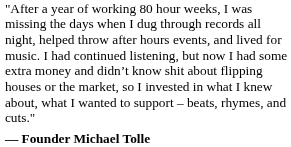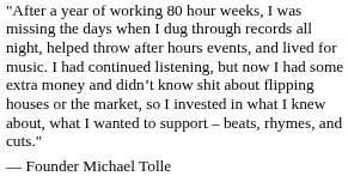 <table class="toccolours" style="float: left; margin-left: 0em; margin-right: 2em; font-size: 85%; background:offwhite; color:black; width:22em; max-width: 40%;" cellspacing="3">
 <tr>
 <td style="text-align: left;">"After a year of working 80 hour weeks, I was missing the days when I dug through records all night, helped throw after hours events, and lived for music.  I had continued listening, but now I had some extra money and didn’t know shit about flipping houses or the market, so I invested in what I knew about, what I wanted to support – beats, rhymes, and cuts."</td>
 </tr>
 <tr>
-<td style="text-align: left;"><strong>— Founder Michael Tolle</strong></td>
+<td style="text-align: left;">— Founder Michael Tolle</td>
 </tr>
 </table>
